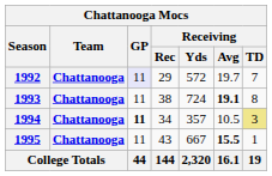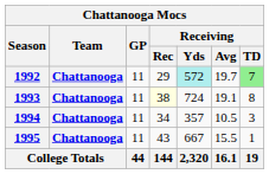 <table class="wikitable" style="text-align:center;">
 <tr>
 <th colspan="10">Chattanooga Mocs</th>
 </tr>
 <tr>
 <th rowspan="2">Season</th>
 <th rowspan="2">Team</th>
 <th rowspan="2">GP</th>
 <th colspan="4">Receiving</th>
 </tr>
 <tr>
 <th>Rec</th>
 <th>Yds</th>
 <th>Avg</th>
 <th>TD</th>
 </tr>
 <tr>
 <th><a href='#'>1992</a></th>
 <th><a href='#'>Chattanooga</a></th>
-<td style="background: lavender;">11</td>
+<td>11</td>
 <td>29</td>
-<td>572</td>
+<td style="background: paleturquoise;">572</td>
 <td>19.7</td>
-<td>7</td>
+<td style="background: lightgreen;">7</td>
 </tr>
 <tr>
 <th><a href='#'>1993</a></th>
 <th><a href='#'>Chattanooga</a></th>
 <td>11</td>
-<td>38</td>
+<td style="background: lightyellow;">38</td>
 <td>724</td>
-<td><strong>19.1</strong></td>
+<td>19.1</td>
 <td>8</td>
 </tr>
 <tr>
 <th><a href='#'>1994</a></th>
 <th><a href='#'>Chattanooga</a></th>
-<td><strong>11</strong></td>
+<td>11</td>
 <td>34</td>
 <td>357</td>
 <td>10.5</td>
-<td style="background: khaki;">3</td>
+<td>3</td>
 </tr>
 <tr>
 <th><a href='#'>1995</a></th>
 <th><a href='#'>Chattanooga</a></th>
 <td>11</td>
 <td>43</td>
 <td>667</td>
-<td><strong>15.5</strong></td>
+<td>15.5</td>
 <td>1</td>
 </tr>
 <tr>
 <th colspan="2">College Totals</th>
 <th>44</th>
 <th>144</th>
 <th>2,320</th>
 <th>16.1</th>
 <th>19</th>
 </tr>
 </table>
